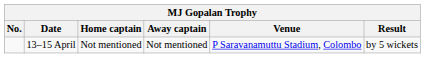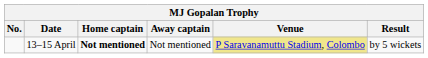 <table class="wikitable">
 <tr>
 <th colspan="9">MJ Gopalan Trophy</th>
 </tr>
 <tr>
 <th>No.</th>
 <th>Date</th>
 <th>Home captain</th>
 <th>Away captain</th>
 <th>Venue</th>
 <th>Result</th>
 </tr>
 <tr>
 <td></td>
 <td>13–15 April</td>
+<td><strong>Not mentioned</strong></td>
 <td>Not mentioned</td>
-<td>Not mentioned</td>
-<td><a href='#'>P Saravanamuttu Stadium</a>, <a href='#'>Colombo</a></td>
+<td style="background: khaki;"><a href='#'>P Saravanamuttu Stadium</a>, <a href='#'>Colombo</a></td>
 <td> by 5 wickets</td>
 </tr>
 </table>
